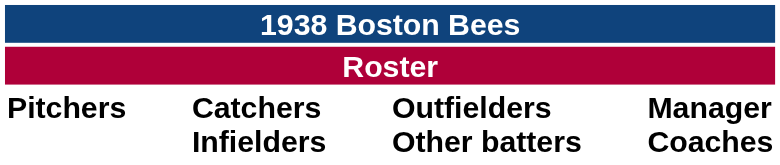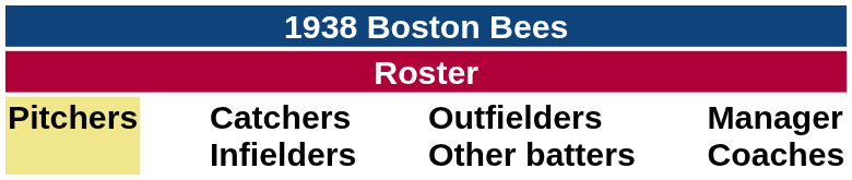 <table class="toccolours" style="font-size: 95%;">
 <tr>
 <th colspan="10" style="background-color: #0f437c; color: white; text-align: center;">1938 Boston Bees</th>
 </tr>
 <tr>
 <td colspan="10" style="background-color: #af0039; color: white; text-align: center;"><strong>Roster</strong></td>
 </tr>
 <tr>
-<td valign="top"><strong>Pitchers</strong><br>                </td>
+<td valign="top" style="background: khaki;"><strong>Pitchers</strong><br>                </td>
 <td width="25px"></td>
 <td valign="top"><strong>Catchers</strong><br>    <strong>Infielders</strong>         </td>
 <td width="25px"></td>
 <td valign="top"><strong>Outfielders</strong><br>        <strong>Other batters</strong> </td>
 <td width="25px"></td>
 <td valign="top"><strong>Manager</strong><br> <strong>Coaches</strong>  </td>
 </tr>
 </table>
